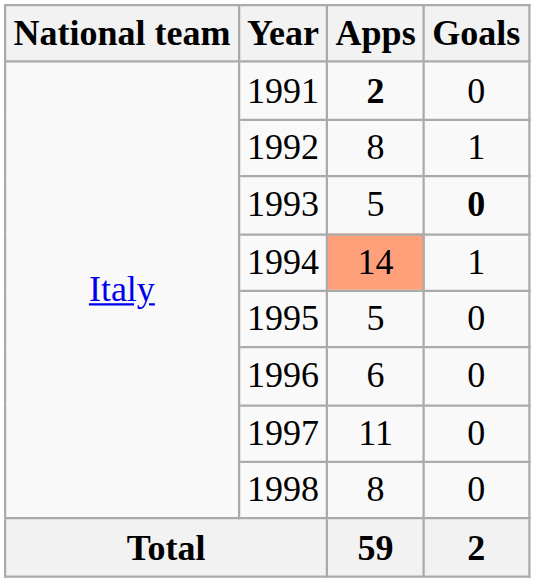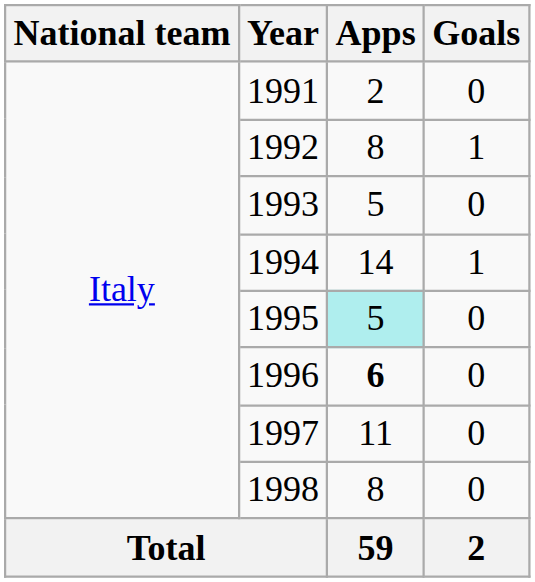 <table class="wikitable" style="text-align:center">
 <tr>
 <th>National team</th>
 <th>Year</th>
 <th>Apps</th>
 <th>Goals</th>
 </tr>
 <tr>
 <td rowspan=8><a href='#'>Italy</a></td>
 <td>1991</td>
-<td><strong>2</strong></td>
+<td>2</td>
 <td>0</td>
 </tr>
 <tr>
 <td>1992</td>
 <td>8</td>
 <td>1</td>
 </tr>
 <tr>
 <td>1993</td>
 <td>5</td>
-<td><strong>0</strong></td>
+<td>0</td>
 </tr>
 <tr>
 <td>1994</td>
-<td style="background: lightsalmon;">14</td>
+<td>14</td>
 <td>1</td>
 </tr>
 <tr>
 <td>1995</td>
-<td>5</td>
+<td style="background: paleturquoise;">5</td>
 <td>0</td>
 </tr>
 <tr>
 <td>1996</td>
-<td>6</td>
+<td><strong>6</strong></td>
 <td>0</td>
 </tr>
 <tr>
 <td>1997</td>
 <td>11</td>
 <td>0</td>
 </tr>
 <tr>
 <td>1998</td>
 <td>8</td>
 <td>0</td>
 </tr>
 <tr>
 <th colspan=2>Total</th>
 <th>59</th>
 <th>2</th>
 </tr>
 </table>
